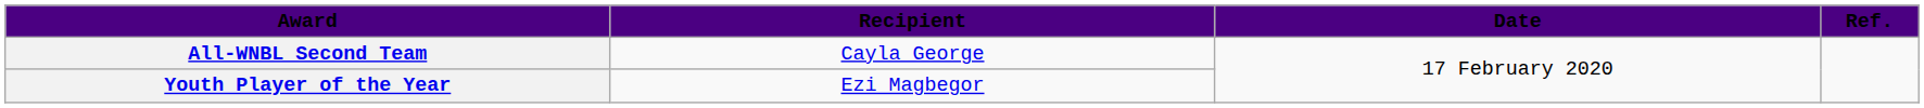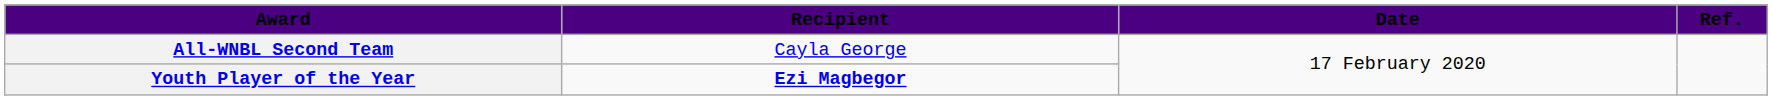 <table class="wikitable sortable sortable" style="text-align: center">
 <tr>
 <th style="background:indigo" width="10%"><span>Award</span></th>
 <th style="background:indigo" width="10%"><span>Recipient</span></th>
 <th style="background:indigo" width="10%"><span>Date</span></th>
 <th style="background:indigo" width="1%" class="unsortable"><span>Ref.</span></th>
 </tr>
 <tr>
 <th rowspan=1><a href='#'>All-WNBL Second Team</a></th>
 <td><a href='#'>Cayla George</a></td>
 <td rowspan=2>17 February 2020</td>
 <td rowspan=2></td>
 </tr>
 <tr>
 <th rowspan=1><a href='#'>Youth Player of the Year</a></th>
-<td><a href='#'>Ezi Magbegor</a></td>
+<td><strong><a href='#'>Ezi Magbegor</a></strong></td>
 </tr>
 </table>
